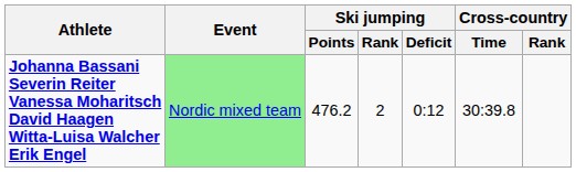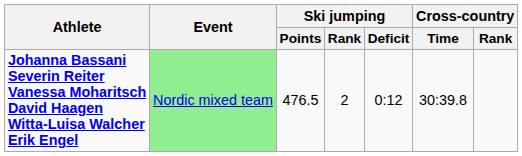 <table class="wikitable" style="font-size:90%">
 <tr>
 <th rowspan="2">Athlete</th>
 <th rowspan="2">Event</th>
 <th colspan="3">Ski jumping</th>
 <th colspan="2">Cross-country</th>
 </tr>
 <tr style="font-size:95%">
 <th>Points</th>
 <th>Rank</th>
 <th>Deficit</th>
 <th>Time</th>
 <th>Rank</th>
 </tr>
 <tr align=center>
 <td align=left><strong><a href='#'>Johanna Bassani</a><br><a href='#'>Severin Reiter</a><br><a href='#'>Vanessa Moharitsch</a><br><a href='#'>David Haagen</a><br><a href='#'>Witta-Luisa Walcher</a><br><a href='#'>Erik Engel</a></strong></td>
 <td align=left style="background: lightgreen;"><a href='#'>Nordic mixed team</a></td>
-<td>476.2</td>
+<td>476.5</td>
 <td>2</td>
 <td>0:12</td>
 <td>30:39.8</td>
 <td><strong></strong></td>
 </tr>
 </table>
